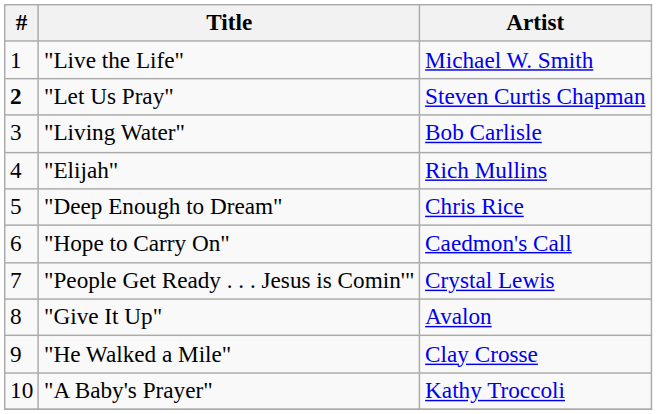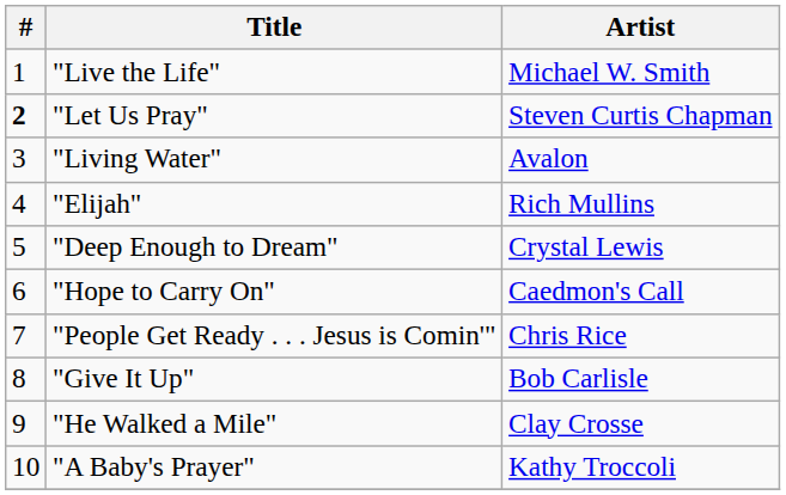 <table class="wikitable">
 <tr>
 <th>#</th>
 <th>Title</th>
 <th>Artist</th>
 </tr>
 <tr>
 <td>1</td>
 <td>"Live the Life"</td>
 <td><a href='#'>Michael W. Smith</a></td>
 </tr>
 <tr>
 <td><strong>2</strong></td>
 <td>"Let Us Pray"</td>
 <td><a href='#'>Steven Curtis Chapman</a></td>
 </tr>
 <tr>
 <td>3</td>
 <td>"Living Water"</td>
-<td><a href='#'>Bob Carlisle</a></td>
+<td><a href='#'>Avalon</a></td>
 </tr>
 <tr>
 <td>4</td>
 <td>"Elijah"</td>
 <td><a href='#'>Rich Mullins</a></td>
 </tr>
 <tr>
 <td>5</td>
 <td>"Deep Enough to Dream"</td>
-<td><a href='#'>Chris Rice</a></td>
+<td><a href='#'>Crystal Lewis</a></td>
 </tr>
 <tr>
 <td>6</td>
 <td>"Hope to Carry On"</td>
 <td><a href='#'>Caedmon's Call</a></td>
 </tr>
 <tr>
 <td>7</td>
 <td>"People Get Ready . . . Jesus is Comin'"</td>
-<td><a href='#'>Crystal Lewis</a></td>
+<td><a href='#'>Chris Rice</a></td>
 </tr>
 <tr>
 <td>8</td>
 <td>"Give It Up"</td>
-<td><a href='#'>Avalon</a></td>
+<td><a href='#'>Bob Carlisle</a></td>
 </tr>
 <tr>
 <td>9</td>
 <td>"He Walked a Mile"</td>
 <td><a href='#'>Clay Crosse</a></td>
 </tr>
 <tr>
 <td>10</td>
 <td>"A Baby's Prayer"</td>
 <td><a href='#'>Kathy Troccoli</a></td>
 </tr>
 <tr>
 </tr>
 </table>
